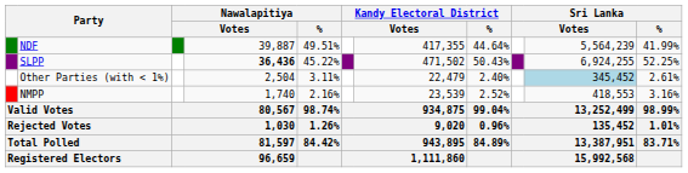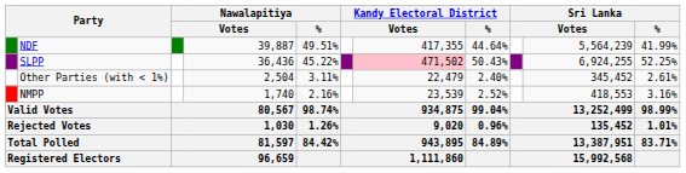 <table class="wikitable">
 <tr>
 <th colspan="2" width="144px"rowspan="2">Party</th>
 <th colspan="3" width="216px">Nawalapitiya</th>
 <th colspan="3" width="216px"><a href='#'>Kandy Electoral District</a></th>
 <th colspan="3" width="216px">Sri Lanka</th>
 </tr>
 <tr>
 <th colspan="2" width="144px">Votes</th>
 <th>%</th>
 <th colspan="2" width="144px">Votes</th>
 <th>%</th>
 <th colspan="2" width="144px">Votes</th>
 <th>%</th>
 </tr>
 <tr>
 <td style="background-color:green;" width="10px"></td>
 <td style="text-align:left;"><a href='#'>NDF</a></td>
 <td style="background-color:green;" width="10px"></td>
 <td style="text-align:right;">39,887</td>
 <td style="text-align:right;">49.51%</td>
 <td style="background-color:white;" width="10px"></td>
 <td style="text-align:right;">417,355</td>
 <td style="text-align:right;">44.64%</td>
 <td style="background-color:white;" width="10px"></td>
 <td style="text-align:right;">5,564,239</td>
 <td style="text-align:right;">41.99%</td>
 </tr>
 <tr>
 <td style="background-color:purple;" width="10px"></td>
 <td style="text-align:left;"><a href='#'>SLPP</a></td>
 <td style="background-color:white;" width="10px"></td>
-<td style="text-align:right;"><strong>36,436</strong></td>
+<td style="text-align:right;">36,436</td>
 <td style="text-align:right;">45.22%</td>
 <td style="background-color:purple;" width="10px"></td>
-<td style="text-align:right;">471,502</td>
+<td style="background: pink; text-align:right;">471,502</td>
 <td style="text-align:right;">50.43%</td>
 <td style="background-color:purple;" width="10px"></td>
 <td style="text-align:right;">6,924,255</td>
 <td style="text-align:right;">52.25%</td>
 </tr>
 <tr>
 <td style="background-color:white;" width="10px"></td>
 <td style="text-align:left;">Other Parties (with < 1%)</td>
 <td style="background-color:white;" width="10px"></td>
 <td style="text-align:right;">2,504</td>
 <td style="text-align:right;">3.11%</td>
 <td style="background-color:white;" width="10px"></td>
 <td style="text-align:right;">22,479</td>
 <td style="text-align:right;">2.40%</td>
 <td style="background-color:white;" width="10px"></td>
-<td style="background: lightblue; text-align:right;">345,452</td>
+<td style="text-align:right;">345,452</td>
 <td style="text-align:right;">2.61%</td>
 </tr>
 <tr>
 <td style="background-color:red;" width="10px"></td>
 <td style="text-align:left;">NMPP</td>
 <td style="background-color:white;" width="10px"></td>
 <td style="text-align:right;">1,740</td>
 <td style="text-align:right;">2.16%</td>
 <td style="background-color:white;" width="10px"></td>
 <td style="text-align:right;">23,539</td>
 <td style="text-align:right;">2.52%</td>
 <td style="background-color:white;" width="10px"></td>
 <td style="text-align:right;">418,553</td>
 <td style="text-align:right;">3.16%</td>
 </tr>
 <tr>
 <th colspan="2" width="144px"style="text-align:left;">Valid Votes</th>
 <th style="text-align:right;"colspan="2" width="144px">80,567</th>
 <th style="text-align:right;">98.74%</th>
 <th style="text-align:right;"colspan="2" width="144px">934,875</th>
 <th style="text-align:right;">99.04%</th>
 <th style="text-align:right;"colspan="2" width="144px">13,252,499</th>
 <th style="text-align:right;">98.99%</th>
 </tr>
 <tr>
 <th colspan="2" width="144px"style="text-align:left;">Rejected Votes</th>
 <th style="text-align:right;"colspan="2" width="144px">1,030</th>
 <th style="text-align:right;">1.26%</th>
 <th style="text-align:right;"colspan="2" width="144px">9,020</th>
 <th style="text-align:right;">0.96%</th>
 <th style="text-align:right;"colspan="2" width="144px">135,452</th>
 <th style="text-align:right;">1.01%</th>
 </tr>
 <tr>
 <th colspan="2" width="144px"style="text-align:left;">Total Polled</th>
 <th style="text-align:right;"colspan="2" width="144px">81,597</th>
 <th style="text-align:right;">84.42%</th>
 <th style="text-align:right;"colspan="2" width="144px">943,895</th>
 <th style="text-align:right;">84.89%</th>
 <th style="text-align:right;"colspan="2" width="144px">13,387,951</th>
 <th style="text-align:right;">83.71%</th>
 </tr>
 <tr>
 <th colspan="2" width="144px"style="text-align:left;">Registered Electors</th>
 <th style="text-align:right;"colspan="2" width="144px">96,659</th>
 <th></th>
 <th style="text-align:right;"colspan="2" width="144px">1,111,860</th>
 <th></th>
 <th style="text-align:right;"colspan="2" width="144px">15,992,568</th>
 <th></th>
 </tr>
 </table>
